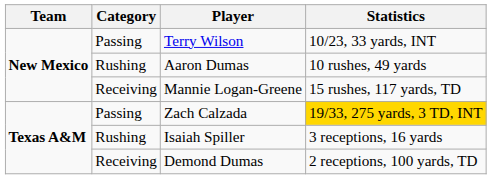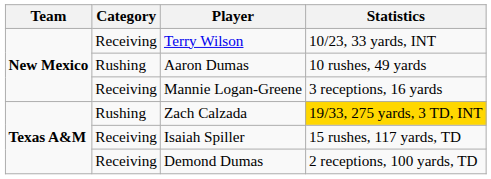 <table class="wikitable" style="float: right;">
 <tr>
 <th>Team</th>
 <th>Category</th>
 <th>Player</th>
 <th>Statistics</th>
 </tr>
 <tr>
 <td rowspan=3><strong>New Mexico</strong></td>
-<td>Passing</td>
+<td>Receiving</td>
 <td><a href='#'>Terry Wilson</a></td>
 <td>10/23, 33 yards, INT</td>
 </tr>
 <tr>
 <td>Rushing</td>
 <td>Aaron Dumas</td>
 <td>10 rushes, 49 yards</td>
 </tr>
 <tr>
 <td>Receiving</td>
 <td>Mannie Logan-Greene</td>
-<td>15 rushes, 117 yards, TD</td>
+<td>3 receptions, 16 yards</td>
 </tr>
 <tr>
 <td rowspan=3><strong>Texas A&M</strong></td>
-<td>Passing</td>
+<td>Rushing</td>
 <td>Zach Calzada</td>
 <td style="background: gold;">19/33, 275 yards, 3 TD, INT</td>
 </tr>
 <tr>
-<td>Rushing</td>
+<td>Receiving</td>
 <td>Isaiah Spiller</td>
-<td>3 receptions, 16 yards</td>
+<td>15 rushes, 117 yards, TD</td>
 </tr>
 <tr>
 <td>Receiving</td>
 <td>Demond Dumas</td>
 <td>2 receptions, 100 yards, TD</td>
 </tr>
 </table>
